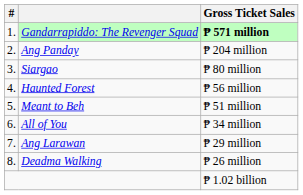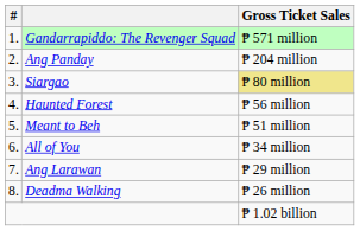 <table class="wikitable sortable" style="text align: center">
 <tr bgcolor="#efefef">
 <th class="unsortable">#</th>
 <th></th>
 <th>Gross Ticket Sales</th>
 </tr>
 <tr>
 <td align=center>1.</td>
 <td style="background:#BFFFC0;"><em><a href='#'>Gandarrapiddo: The Revenger Squad</a></em></td>
-<td data-sort-value="1" style="background:#BFFFC0;"><strong>₱ 571 million</strong></td>
+<td data-sort-value="1" style="background:#BFFFC0;">₱ 571 million</td>
 </tr>
 <tr>
 <td align=center>2.</td>
 <td><em><a href='#'>Ang Panday</a></em></td>
 <td data-sort-value="2">₱ 204 million</td>
 </tr>
 <tr>
 <td align=center>3.</td>
 <td><em><a href='#'>Siargao</a></em></td>
-<td data-sort-value="3">₱ 80 million</td>
+<td data-sort-value="3" style="background: khaki;">₱ 80 million</td>
 </tr>
 <tr>
 <td align=center>4.</td>
 <td><em><a href='#'>Haunted Forest</a></em></td>
 <td data-sort-value="4">₱ 56 million</td>
 </tr>
 <tr>
 <td align=center>5.</td>
 <td><em><a href='#'>Meant to Beh</a></em></td>
 <td data-sort-value="5">₱ 51 million</td>
 </tr>
 <tr>
 <td align=center>6.</td>
 <td><em><a href='#'>All of You</a></em></td>
 <td data-sort-value="6">₱ 34 million</td>
 </tr>
 <tr>
 <td align=center>7.</td>
 <td><em><a href='#'>Ang Larawan</a></em></td>
 <td data-sort-value="7">₱ 29 million</td>
 </tr>
 <tr>
 <td align=center>8.</td>
 <td><em><a href='#'>Deadma Walking</a></em></td>
 <td data-sort-value="8">₱ 26 million</td>
 </tr>
 <tr>
 <td colspan=2><strong></strong></td>
 <td>₱ 1.02 billion</td>
 </tr>
 </table>
